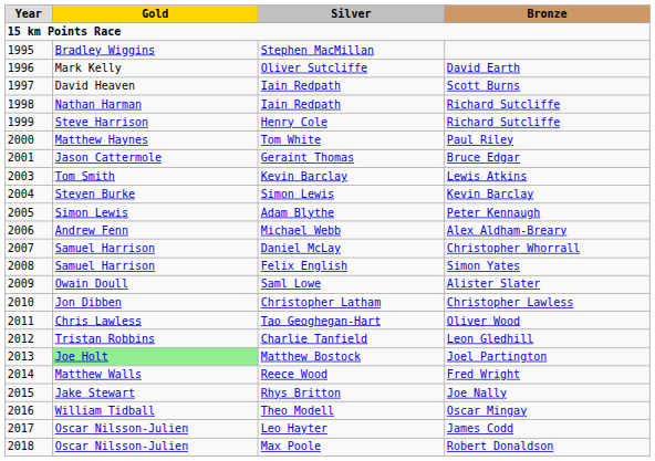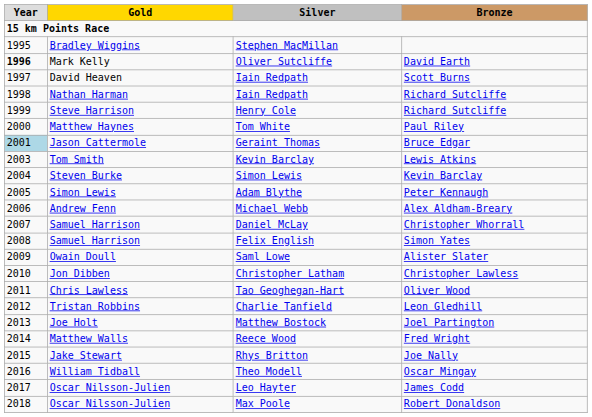 <table class="wikitable" style="width: 60%; text-align:left;">
 <tr style="text-align:center; font-weight:bold;">
 <td style="background:#ddd; ">Year</td>
 <td style="background:gold; ">Gold</td>
 <td style="background:silver; ">Silver</td>
 <td style="background:#c96; ">Bronze</td>
 </tr>
 <tr>
 <td colspan=4><strong>15 km Points Race</strong></td>
 </tr>
 <tr>
 <td>1995</td>
 <td><a href='#'>Bradley Wiggins</a></td>
 <td><a href='#'>Stephen MacMillan</a></td>
 <td></td>
 </tr>
 <tr>
-<td>1996</td>
+<td><strong>1996</strong></td>
 <td>Mark Kelly</td>
 <td><a href='#'>Oliver Sutcliffe</a></td>
 <td><a href='#'>David Earth</a></td>
 </tr>
 <tr>
 <td>1997</td>
 <td>David Heaven</td>
 <td><a href='#'>Iain Redpath</a></td>
 <td><a href='#'>Scott Burns</a></td>
 </tr>
 <tr>
 <td>1998</td>
 <td><a href='#'>Nathan Harman</a></td>
 <td><a href='#'>Iain Redpath</a></td>
 <td><a href='#'>Richard Sutcliffe</a></td>
 </tr>
 <tr>
 <td>1999</td>
 <td><a href='#'>Steve Harrison</a></td>
 <td><a href='#'>Henry Cole</a></td>
 <td><a href='#'>Richard Sutcliffe</a></td>
 </tr>
 <tr>
 <td>2000</td>
 <td><a href='#'>Matthew Haynes</a></td>
 <td><a href='#'>Tom White</a></td>
 <td><a href='#'>Paul Riley</a></td>
 </tr>
 <tr>
-<td>2001</td>
+<td style="background: lightblue;">2001</td>
 <td><a href='#'>Jason Cattermole</a></td>
 <td><a href='#'>Geraint Thomas</a></td>
 <td><a href='#'>Bruce Edgar</a></td>
 </tr>
 <tr>
 <td>2003</td>
 <td><a href='#'>Tom Smith</a></td>
 <td><a href='#'>Kevin Barclay</a></td>
 <td><a href='#'>Lewis Atkins</a></td>
 </tr>
 <tr>
 <td>2004</td>
 <td><a href='#'>Steven Burke</a></td>
 <td><a href='#'>Simon Lewis</a></td>
 <td><a href='#'>Kevin Barclay</a></td>
 </tr>
 <tr>
 <td>2005</td>
 <td><a href='#'>Simon Lewis</a></td>
 <td><a href='#'>Adam Blythe</a></td>
 <td><a href='#'>Peter Kennaugh</a></td>
 </tr>
 <tr>
 <td>2006</td>
 <td><a href='#'>Andrew Fenn</a></td>
 <td><a href='#'>Michael Webb</a></td>
 <td><a href='#'>Alex Aldham-Breary</a></td>
 </tr>
 <tr>
 <td>2007</td>
 <td><a href='#'>Samuel Harrison</a></td>
 <td><a href='#'>Daniel McLay</a></td>
 <td><a href='#'>Christopher Whorrall</a></td>
 </tr>
 <tr>
 <td>2008</td>
 <td><a href='#'>Samuel Harrison</a></td>
 <td><a href='#'>Felix English</a></td>
 <td><a href='#'>Simon Yates</a></td>
 </tr>
 <tr>
 <td>2009</td>
 <td><a href='#'>Owain Doull</a></td>
 <td><a href='#'>Saml Lowe</a></td>
 <td><a href='#'>Alister Slater</a></td>
 </tr>
 <tr>
 <td>2010</td>
 <td><a href='#'>Jon Dibben</a></td>
 <td><a href='#'>Christopher Latham</a></td>
 <td><a href='#'>Christopher Lawless</a></td>
 </tr>
 <tr>
 <td>2011</td>
 <td><a href='#'>Chris Lawless</a></td>
 <td><a href='#'>Tao Geoghegan-Hart</a></td>
 <td><a href='#'>Oliver Wood</a></td>
 </tr>
 <tr>
 <td>2012</td>
 <td><a href='#'>Tristan Robbins</a></td>
 <td><a href='#'>Charlie Tanfield</a></td>
 <td><a href='#'>Leon Gledhill</a></td>
 </tr>
 <tr>
 <td>2013</td>
-<td style="background: lightgreen;"><a href='#'>Joe Holt</a></td>
+<td><a href='#'>Joe Holt</a></td>
 <td><a href='#'>Matthew Bostock</a></td>
 <td><a href='#'>Joel Partington</a></td>
 </tr>
 <tr>
 <td>2014</td>
 <td><a href='#'>Matthew Walls</a></td>
 <td><a href='#'>Reece Wood</a></td>
 <td><a href='#'>Fred Wright</a></td>
 </tr>
 <tr>
 <td>2015</td>
 <td><a href='#'>Jake Stewart</a></td>
 <td><a href='#'>Rhys Britton</a></td>
 <td><a href='#'>Joe Nally</a></td>
 </tr>
 <tr>
 <td>2016</td>
 <td><a href='#'>William Tidball</a></td>
 <td><a href='#'>Theo Modell</a></td>
 <td><a href='#'>Oscar Mingay</a></td>
 </tr>
 <tr>
 <td>2017</td>
 <td><a href='#'>Oscar Nilsson-Julien</a></td>
 <td><a href='#'>Leo Hayter</a></td>
 <td><a href='#'>James Codd</a></td>
 </tr>
 <tr>
 <td>2018</td>
 <td><a href='#'>Oscar Nilsson-Julien</a></td>
 <td><a href='#'>Max Poole</a></td>
 <td><a href='#'>Robert Donaldson</a></td>
 </tr>
 </table>
